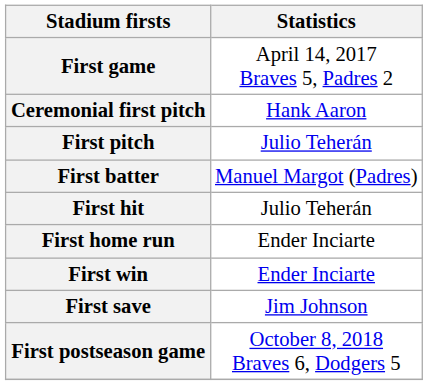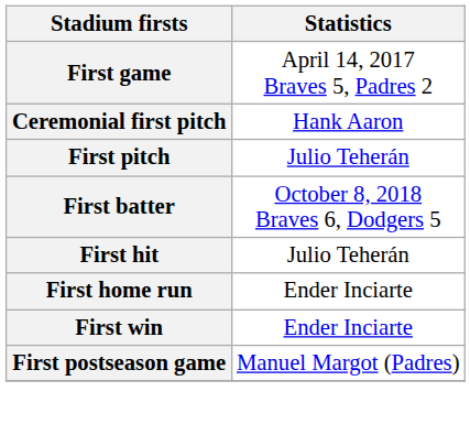 <table class="wikitable" align=right style="margin-left:15px; text-align:center; background:#ffffff;">
 <tr>
 <th scope="row">Stadium firsts</th>
 <th scope="row">Statistics</th>
 </tr>
 <tr>
 <th>First game</th>
 <td>April 14, 2017<br><a href='#'>Braves</a> 5, <a href='#'>Padres</a> 2</td>
 </tr>
 <tr>
 <th scope"row">Ceremonial first pitch</th>
 <td><a href='#'>Hank Aaron</a></td>
 </tr>
 <tr>
 <th scope"row">First pitch</th>
 <td><a href='#'>Julio Teherán</a></td>
 </tr>
 <tr>
 <th scope"row">First batter</th>
-<td><a href='#'>Manuel Margot</a> (<a href='#'>Padres</a>)</td>
+<td><a href='#'>October 8, 2018</a><br><a href='#'>Braves</a> 6, <a href='#'>Dodgers</a> 5</td>
 </tr>
 <tr>
 <th scope"row">First hit</th>
 <td>Julio Teherán</td>
 </tr>
 <tr>
 <th scope"row">First home run</th>
 <td>Ender Inciarte</td>
 </tr>
 <tr>
 <th scope"row">First win</th>
 <td><a href='#'>Ender Inciarte</a></td>
 </tr>
 <tr>
-<th scope"row">First save</th>
-<td><a href='#'>Jim Johnson</a></td>
-</tr>
-<tr>
 <th scope"row">First postseason game</th>
-<td><a href='#'>October 8, 2018</a><br><a href='#'>Braves</a> 6, <a href='#'>Dodgers</a> 5</td>
+<td><a href='#'>Manuel Margot</a> (<a href='#'>Padres</a>)</td>
 </tr>
 <tr>
 </tr>
 </table>
